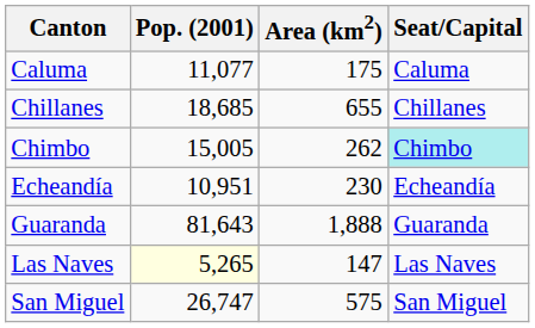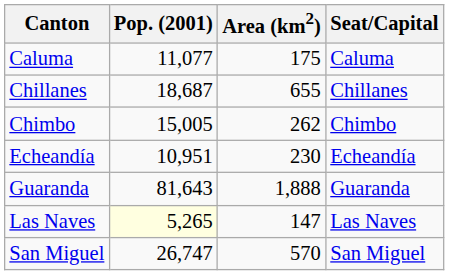 <table class="wikitable sortable">
 <tr>
 <th>Canton</th>
 <th>Pop. (2001)</th>
 <th>Area (km<sup>2</sup>)</th>
 <th>Seat/Capital</th>
 </tr>
 <tr>
 <td><a href='#'>Caluma</a></td>
 <td align=right>11,077</td>
 <td align=right>175</td>
 <td><a href='#'>Caluma</a></td>
 </tr>
 <tr>
 <td><a href='#'>Chillanes</a></td>
-<td align=right>18,685</td>
+<td align=right>18,687</td>
 <td align=right>655</td>
 <td><a href='#'>Chillanes</a></td>
 </tr>
 <tr>
 <td><a href='#'>Chimbo</a></td>
 <td align=right>15,005</td>
 <td align=right>262</td>
-<td style="background: paleturquoise;"><a href='#'>Chimbo</a></td>
+<td><a href='#'>Chimbo</a></td>
 </tr>
 <tr>
 <td><a href='#'>Echeandía</a></td>
 <td align=right>10,951</td>
 <td align=right>230</td>
 <td><a href='#'>Echeandía</a></td>
 </tr>
 <tr>
 <td><a href='#'>Guaranda</a></td>
 <td align=right>81,643</td>
 <td align=right>1,888</td>
 <td><a href='#'>Guaranda</a></td>
 </tr>
 <tr>
 <td><a href='#'>Las Naves</a></td>
 <td align=right style="background: lightyellow;">5,265</td>
 <td align=right>147</td>
 <td><a href='#'>Las Naves</a></td>
 </tr>
 <tr>
 <td><a href='#'>San Miguel</a></td>
 <td align=right>26,747</td>
-<td align=right>575</td>
+<td align=right>570</td>
 <td><a href='#'>San Miguel</a></td>
 </tr>
 </table>
